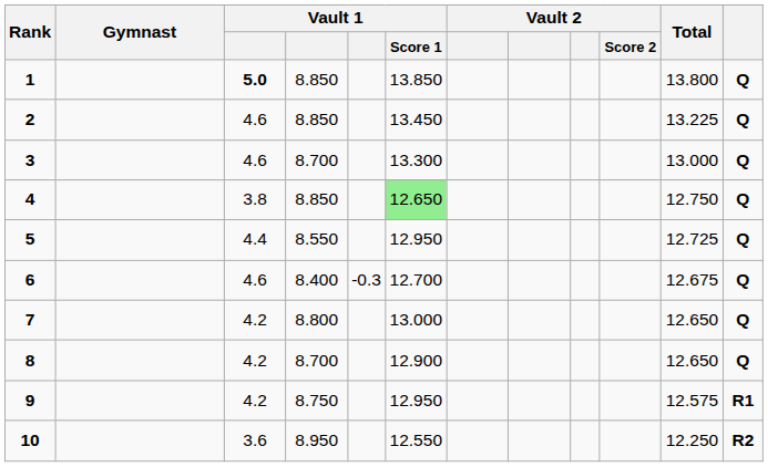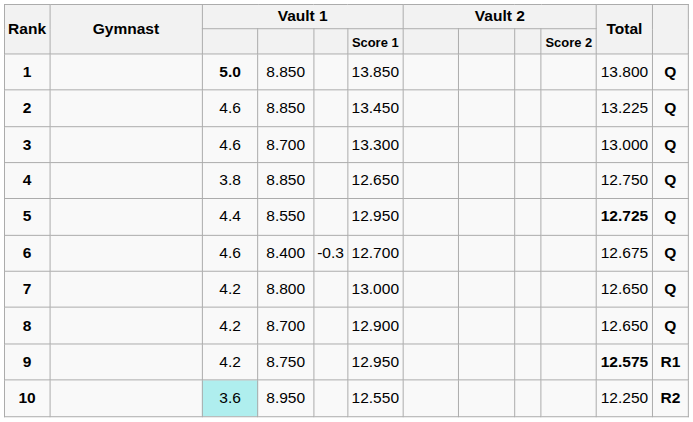 <table class="wikitable sortable" style="text-align:center;">
 <tr>
 <th rowspan="2" style="width:15px;">Rank</th>
 <th rowspan="2" style="width:150px;">Gymnast</th>
 <th colspan="4">Vault 1</th>
 <th colspan="4">Vault 2</th>
 <th rowspan="2" style="width:50px;">Total</th>
 <th rowspan="2" style="width:30px;"><small></small></th>
 </tr>
 <tr>
 <th style="width:50px;"><small></small></th>
 <th style="width:50px;"><small></small></th>
 <th style="width:20px;"><small></small></th>
 <th style="width:50px;"><small>Score 1</small></th>
 <th style="width:50px;"><small></small></th>
 <th style="width:50px;"><small></small></th>
 <th style="width:20px;"><small></small></th>
 <th style="width:50px;"><small>Score 2</small></th>
 </tr>
 <tr>
 <td scope="row" style="text-align:center"><strong>1</strong></td>
 <td style="height:30px; text-align:left;"></td>
 <td><strong>5.0</strong></td>
 <td>8.850</td>
 <td></td>
 <td>13.850</td>
 <td></td>
 <td></td>
 <td></td>
 <td></td>
 <td>13.800</td>
 <td><strong>Q</strong></td>
 </tr>
 <tr>
 <td scope="row" style="text-align:center"><strong>2</strong></td>
 <td style="height:30px; text-align:left;"></td>
 <td>4.6</td>
 <td>8.850</td>
 <td></td>
 <td>13.450</td>
 <td></td>
 <td></td>
 <td></td>
 <td></td>
 <td>13.225</td>
 <td><strong>Q</strong></td>
 </tr>
 <tr>
 <td scope="row" style="text-align:center"><strong>3</strong></td>
 <td style="height:30px; text-align:left;"></td>
 <td>4.6</td>
 <td>8.700</td>
 <td></td>
 <td>13.300</td>
 <td></td>
 <td></td>
 <td></td>
 <td></td>
 <td>13.000</td>
 <td><strong>Q</strong></td>
 </tr>
 <tr>
 <td scope="row" style="text-align:center"><strong>4</strong></td>
 <td style="height:30px; text-align:left;"></td>
 <td>3.8</td>
 <td>8.850</td>
 <td></td>
-<td style="background: lightgreen;">12.650</td>
+<td>12.650</td>
 <td></td>
 <td></td>
 <td></td>
 <td></td>
 <td>12.750</td>
 <td><strong>Q</strong></td>
 </tr>
 <tr>
 <td scope="row" style="text-align:center"><strong>5</strong></td>
 <td style="height:30px; text-align:left;"></td>
 <td>4.4</td>
 <td>8.550</td>
 <td></td>
 <td>12.950</td>
 <td></td>
 <td></td>
 <td></td>
 <td></td>
-<td>12.725</td>
+<td><strong>12.725</strong></td>
 <td><strong>Q</strong></td>
 </tr>
 <tr>
 <td scope="row" style="text-align:center"><strong>6</strong></td>
 <td style="height:30px; text-align:left;"></td>
 <td>4.6</td>
 <td>8.400</td>
 <td>-0.3</td>
 <td>12.700</td>
 <td></td>
 <td></td>
 <td></td>
 <td></td>
 <td>12.675</td>
 <td><strong>Q</strong></td>
 </tr>
 <tr>
 <td scope="row" style="text-align:center"><strong>7</strong></td>
 <td style="height:30px; text-align:left;"></td>
 <td>4.2</td>
 <td>8.800</td>
 <td></td>
 <td>13.000</td>
 <td></td>
 <td></td>
 <td></td>
 <td></td>
 <td>12.650</td>
 <td><strong>Q</strong></td>
 </tr>
 <tr>
 <td scope="row" style="text-align:center"><strong>8</strong></td>
 <td style="height:30px; text-align:left;"></td>
 <td>4.2</td>
 <td>8.700</td>
 <td></td>
 <td>12.900</td>
 <td></td>
 <td></td>
 <td></td>
 <td></td>
 <td>12.650</td>
 <td><strong>Q</strong></td>
 </tr>
 <tr>
 <td scope="row" style="text-align:center"><strong>9</strong></td>
 <td style="height:30px; text-align:left;"></td>
 <td>4.2</td>
 <td>8.750</td>
 <td></td>
 <td>12.950</td>
 <td></td>
 <td></td>
 <td></td>
 <td></td>
-<td>12.575</td>
+<td><strong>12.575</strong></td>
 <td><strong>R1</strong></td>
 </tr>
 <tr>
 <td scope="row" style="text-align:center"><strong>10</strong></td>
 <td style="height:30px; text-align:left;"></td>
-<td>3.6</td>
+<td style="background: paleturquoise;">3.6</td>
 <td>8.950</td>
 <td></td>
 <td>12.550</td>
 <td></td>
 <td></td>
 <td></td>
 <td></td>
 <td>12.250</td>
 <td><strong>R2</strong></td>
 </tr>
 </table>
